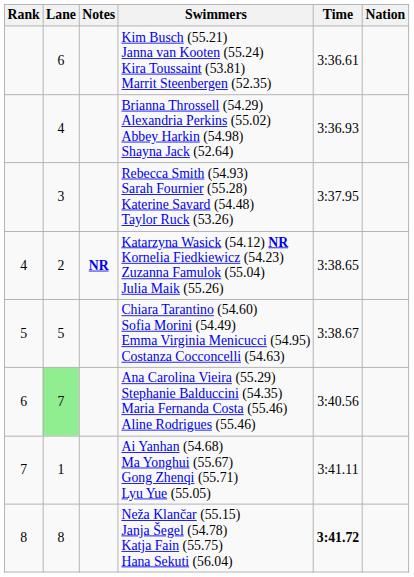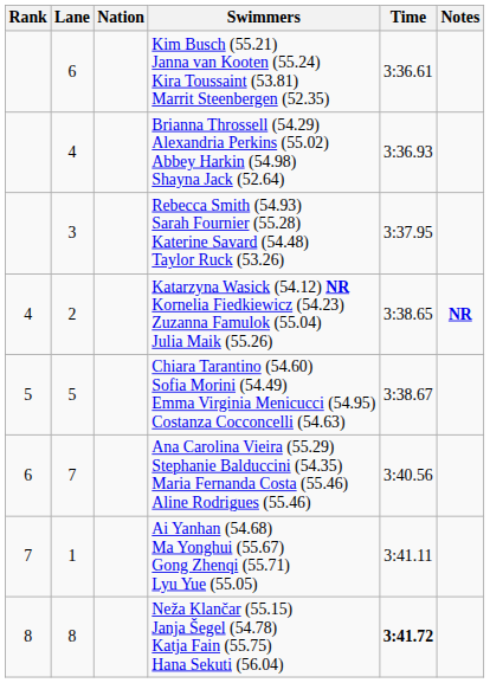 <table class="wikitable sortable" style="text-align:center">
 <tr>
 <th>Rank</th>
 <th>Lane</th>
-<th>Notes</th>
+<th>Nation</th>
 <th>Swimmers</th>
 <th>Time</th>
-<th>Nation</th>
+<th>Notes</th>
 </tr>
 <tr>
 <td></td>
 <td>6</td>
-<td></td>
+<td align=left></td>
 <td align=left><a href='#'>Kim Busch</a> (55.21)<br><a href='#'>Janna van Kooten</a> (55.24)<br><a href='#'>Kira Toussaint</a> (53.81)<br><a href='#'>Marrit Steenbergen</a> (52.35)</td>
 <td>3:36.61</td>
-<td align=left></td>
+<td></td>
 </tr>
 <tr>
 <td></td>
 <td>4</td>
-<td></td>
+<td align=left></td>
 <td align=left><a href='#'>Brianna Throssell</a> (54.29)<br><a href='#'>Alexandria Perkins</a> (55.02)<br><a href='#'>Abbey Harkin</a> (54.98)<br><a href='#'>Shayna Jack</a> (52.64)</td>
 <td>3:36.93</td>
-<td align=left></td>
+<td></td>
 </tr>
 <tr>
 <td></td>
 <td>3</td>
-<td></td>
+<td align=left></td>
 <td align=left><a href='#'>Rebecca Smith</a> (54.93)<br><a href='#'>Sarah Fournier</a> (55.28)<br><a href='#'>Katerine Savard</a> (54.48)<br><a href='#'>Taylor Ruck</a> (53.26)</td>
 <td>3:37.95</td>
-<td align=left></td>
+<td></td>
 </tr>
 <tr>
 <td>4</td>
 <td>2</td>
-<td><strong><a href='#'>NR</a></strong></td>
+<td align=left></td>
 <td align=left><a href='#'>Katarzyna Wasick</a> (54.12) <strong><a href='#'>NR</a></strong><br><a href='#'>Kornelia Fiedkiewicz</a> (54.23)<br><a href='#'>Zuzanna Famulok</a> (55.04)<br><a href='#'>Julia Maik</a> (55.26)</td>
 <td>3:38.65</td>
-<td align=left></td>
+<td><strong><a href='#'>NR</a></strong></td>
 </tr>
 <tr>
 <td>5</td>
 <td>5</td>
-<td></td>
+<td align=left></td>
 <td align=left><a href='#'>Chiara Tarantino</a> (54.60)<br><a href='#'>Sofia Morini</a> (54.49)<br><a href='#'>Emma Virginia Menicucci</a> (54.95)<br><a href='#'>Costanza Cocconcelli</a> (54.63)</td>
 <td>3:38.67</td>
-<td align=left></td>
+<td></td>
 </tr>
 <tr>
 <td>6</td>
-<td style="background: lightgreen;">7</td>
-<td></td>
+<td>7</td>
+<td align=left></td>
 <td align=left><a href='#'>Ana Carolina Vieira</a> (55.29)<br><a href='#'>Stephanie Balduccini</a> (54.35)<br><a href='#'>Maria Fernanda Costa</a> (55.46)<br><a href='#'>Aline Rodrigues</a> (55.46)</td>
 <td>3:40.56</td>
-<td align=left></td>
+<td></td>
 </tr>
 <tr>
 <td>7</td>
 <td>1</td>
-<td></td>
+<td align=left></td>
 <td align=left><a href='#'>Ai Yanhan</a> (54.68)<br><a href='#'>Ma Yonghui</a> (55.67)<br><a href='#'>Gong Zhenqi</a> (55.71)<br><a href='#'>Lyu Yue</a> (55.05)</td>
 <td>3:41.11</td>
-<td align=left></td>
+<td></td>
 </tr>
 <tr>
 <td>8</td>
 <td>8</td>
-<td></td>
+<td align=left></td>
 <td align=left><a href='#'>Neža Klančar</a> (55.15)<br><a href='#'>Janja Šegel</a> (54.78)<br><a href='#'>Katja Fain</a> (55.75)<br><a href='#'>Hana Sekuti</a> (56.04)</td>
 <td><strong>3:41.72</strong></td>
-<td align=left></td>
+<td></td>
 </tr>
 </table>
